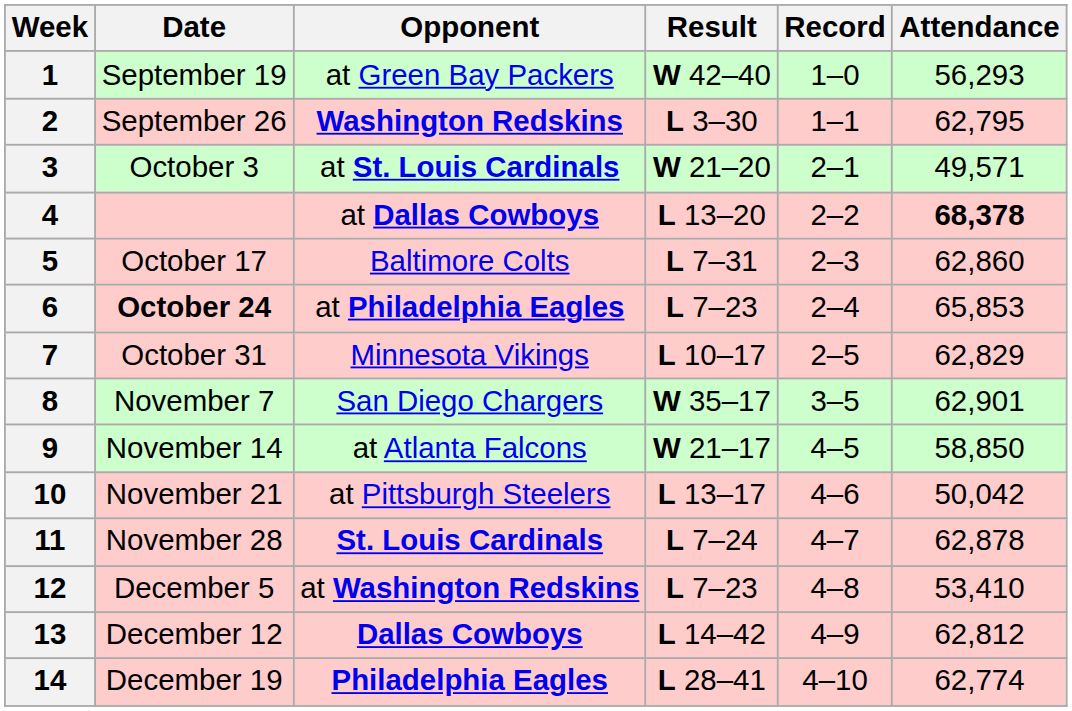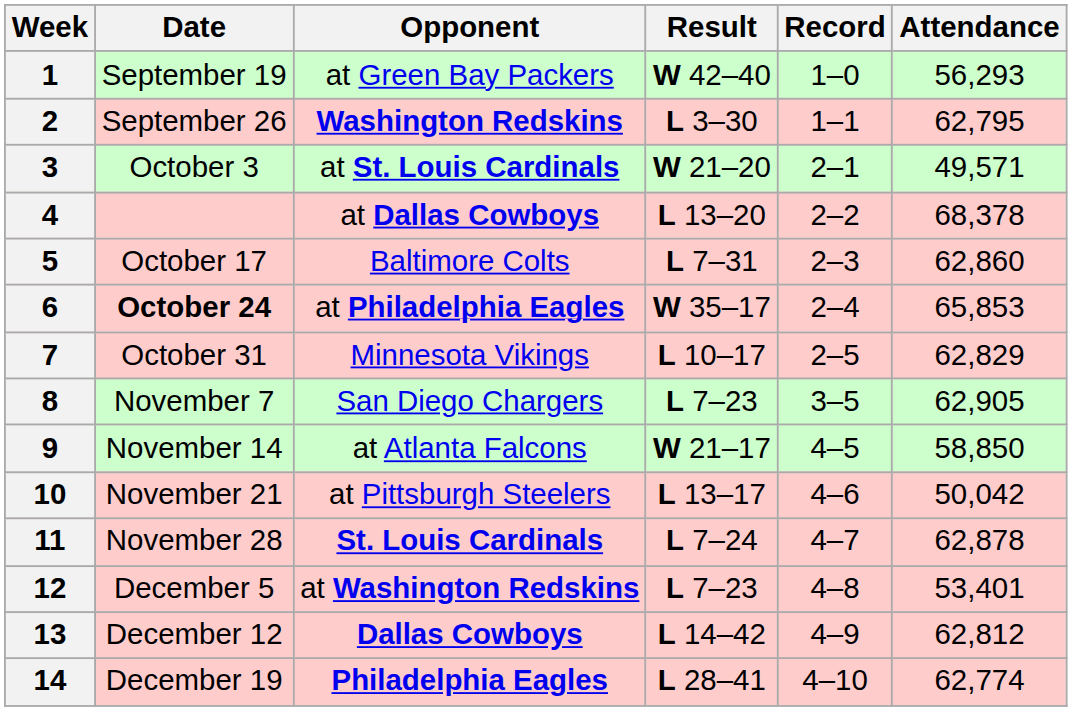 <table class="wikitable" style="text-align:center">
 <tr>
 <th>Week</th>
 <th>Date</th>
 <th>Opponent</th>
 <th>Result</th>
 <th>Record</th>
 <th>Attendance</th>
 </tr>
 <tr style="background:#cfc">
 <th>1</th>
 <td>September 19</td>
 <td>at <a href='#'>Green Bay Packers</a></td>
 <td><strong>W</strong> 42–40</td>
 <td>1–0</td>
 <td>56,293</td>
 </tr>
 <tr style="background:#fcc">
 <th>2</th>
 <td>September 26</td>
 <td><strong><a href='#'>Washington Redskins</a></strong></td>
 <td><strong>L</strong> 3–30</td>
 <td>1–1</td>
 <td>62,795</td>
 </tr>
 <tr style="background:#cfc">
 <th>3</th>
 <td>October 3</td>
 <td>at <strong><a href='#'>St. Louis Cardinals</a></strong></td>
 <td><strong>W</strong> 21–20</td>
 <td>2–1</td>
 <td>49,571</td>
 </tr>
 <tr style="background:#fcc">
 <th>4</th>
 <td></td>
 <td>at <strong><a href='#'>Dallas Cowboys</a></strong></td>
 <td><strong>L</strong> 13–20</td>
 <td>2–2</td>
-<td><strong>68,378</strong></td>
+<td>68,378</td>
 </tr>
 <tr style="background:#fcc">
 <th>5</th>
 <td>October 17</td>
 <td><a href='#'>Baltimore Colts</a></td>
 <td><strong>L</strong> 7–31</td>
 <td>2–3</td>
 <td>62,860</td>
 </tr>
 <tr style="background:#fcc">
 <th>6</th>
 <td><strong>October 24</strong></td>
 <td>at <strong><a href='#'>Philadelphia Eagles</a></strong></td>
-<td><strong>L</strong> 7–23</td>
+<td><strong>W</strong> 35–17</td>
 <td>2–4</td>
 <td>65,853</td>
 </tr>
 <tr style="background:#fcc">
 <th>7</th>
 <td>October 31</td>
 <td><a href='#'>Minnesota Vikings</a></td>
 <td><strong>L</strong> 10–17</td>
 <td>2–5</td>
 <td>62,829</td>
 </tr>
 <tr style="background:#cfc">
 <th>8</th>
 <td>November 7</td>
 <td><a href='#'>San Diego Chargers</a></td>
-<td><strong>W</strong> 35–17</td>
+<td><strong>L</strong> 7–23</td>
 <td>3–5</td>
-<td>62,901</td>
+<td>62,905</td>
 </tr>
 <tr style="background:#cfc">
 <th>9</th>
 <td>November 14</td>
 <td>at <a href='#'>Atlanta Falcons</a></td>
 <td><strong>W</strong> 21–17</td>
 <td>4–5</td>
 <td>58,850</td>
 </tr>
 <tr style="background:#fcc">
 <th>10</th>
 <td>November 21</td>
 <td>at <a href='#'>Pittsburgh Steelers</a></td>
 <td><strong>L</strong> 13–17</td>
 <td>4–6</td>
 <td>50,042</td>
 </tr>
 <tr style="background:#fcc">
 <th>11</th>
 <td>November 28</td>
 <td><strong><a href='#'>St. Louis Cardinals</a></strong></td>
 <td><strong>L</strong> 7–24</td>
 <td>4–7</td>
 <td>62,878</td>
 </tr>
 <tr style="background:#fcc">
 <th>12</th>
 <td>December 5</td>
 <td>at <strong><a href='#'>Washington Redskins</a></strong></td>
 <td><strong>L</strong> 7–23</td>
 <td>4–8</td>
-<td>53,410</td>
+<td>53,401</td>
 </tr>
 <tr style="background:#fcc">
 <th>13</th>
 <td>December 12</td>
 <td><strong><a href='#'>Dallas Cowboys</a></strong></td>
 <td><strong>L</strong> 14–42</td>
 <td>4–9</td>
 <td>62,812</td>
 </tr>
 <tr style="background:#fcc">
 <th>14</th>
 <td>December 19</td>
 <td><strong><a href='#'>Philadelphia Eagles</a></strong></td>
 <td><strong>L</strong> 28–41</td>
 <td>4–10</td>
 <td>62,774</td>
 </tr>
 </table>
